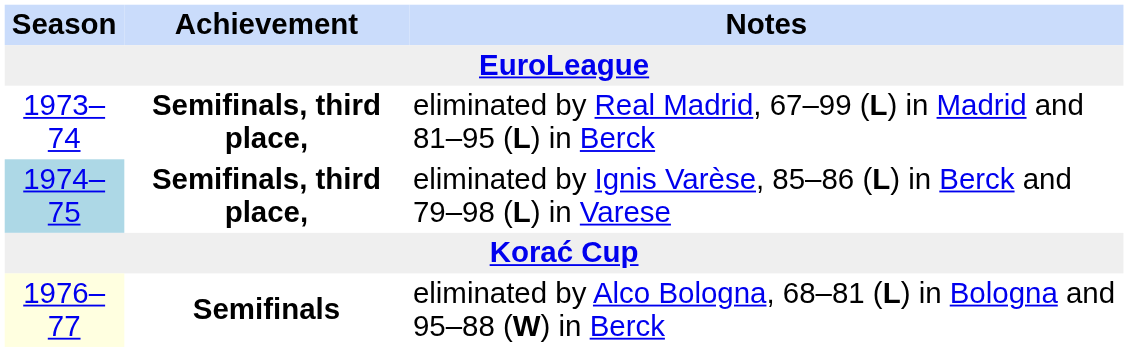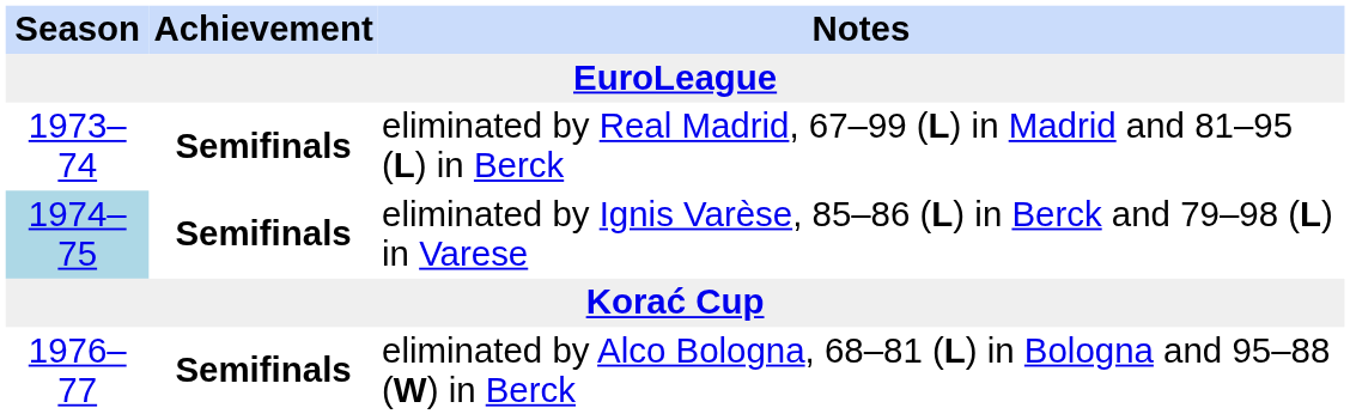 <table class="toccolours" border="0" cellpadding="2" cellspacing="0" align="left" style="margin:0.5em;">
 <tr bgcolor=#CADCFB>
 <th>Season</th>
 <th>Achievement</th>
 <th>Notes</th>
 </tr>
 <tr>
 <th colspan="4" bgcolor=#EFEFEF><a href='#'>EuroLeague</a></th>
 </tr>
 <tr>
 <td align="center"><a href='#'>1973–74</a></td>
-<td align="center"><strong>Semifinals, third place,</strong></td>
+<td align="center"><strong>Semifinals</strong></td>
 <td align="left">eliminated by <a href='#'>Real Madrid</a>, 67–99 (<strong>L</strong>) in <a href='#'>Madrid</a> and 81–95 (<strong>L</strong>) in <a href='#'>Berck</a></td>
 </tr>
 <tr>
 <td align="center" style="background: lightblue;"><a href='#'>1974–75</a></td>
-<td align="center"><strong>Semifinals, third place,</strong></td>
+<td align="center"><strong>Semifinals</strong></td>
 <td align="left">eliminated by <a href='#'>Ignis Varèse</a>, 85–86 (<strong>L</strong>) in <a href='#'>Berck</a> and 79–98 (<strong>L</strong>) in <a href='#'>Varese</a></td>
 </tr>
 <tr>
 <th colspan="4" bgcolor=#EFEFEF><a href='#'>Korać Cup</a></th>
 </tr>
 <tr>
-<td align="center" style="background: lightyellow;"><a href='#'>1976–77</a></td>
+<td align="center"><a href='#'>1976–77</a></td>
 <td align="center"><strong>Semifinals</strong></td>
 <td align="left">eliminated by <a href='#'>Alco Bologna</a>, 68–81 (<strong>L</strong>) in <a href='#'>Bologna</a> and 95–88 (<strong>W</strong>) in <a href='#'>Berck</a></td>
 </tr>
 </table>
